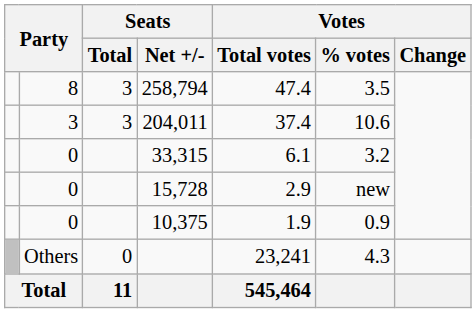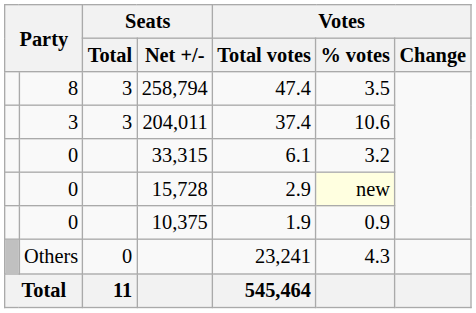 <table class="wikitable" style="text-align:right; font-size:95%;">
 <tr>
 <th colspan="2" rowspan="2">Party</th>
 <th colspan="2">Seats</th>
 <th colspan="3">Votes</th>
 </tr>
 <tr>
 <th>Total</th>
 <th>Net +/-</th>
 <th>Total votes</th>
 <th>% votes</th>
 <th>Change</th>
 </tr>
 <tr>
 <td></td>
 <td>8</td>
 <td>3</td>
 <td>258,794</td>
 <td>47.4</td>
 <td>3.5</td>
 </tr>
 <tr>
 <td></td>
 <td>3</td>
 <td>3</td>
 <td>204,011</td>
 <td>37.4</td>
 <td>10.6</td>
 </tr>
 <tr>
 <td></td>
 <td>0</td>
 <td></td>
 <td>33,315</td>
 <td>6.1</td>
 <td>3.2</td>
 </tr>
 <tr>
 <td></td>
 <td>0</td>
 <td></td>
 <td>15,728</td>
 <td>2.9</td>
-<td>new</td>
+<td style="background: lightyellow;">new</td>
 </tr>
 <tr>
 <td></td>
 <td>0</td>
 <td></td>
 <td>10,375</td>
 <td>1.9</td>
 <td>0.9</td>
 </tr>
 <tr>
 <td style="background:silver;"> </td>
 <td align=left>Others</td>
 <td>0</td>
 <td></td>
 <td>23,241</td>
 <td>4.3</td>
 <td></td>
 </tr>
 <tr>
 <th colspan="2" style="background:#f2f2f2">Total</th>
 <td style="background:#f2f2f2;"><strong>11</strong></td>
 <td style="background:#f2f2f2;"></td>
 <td style="background:#f2f2f2;"><strong>545,464</strong></td>
 <td style="background:#f2f2f2;"></td>
 <td style="background:#f2f2f2;"></td>
 </tr>
 </table>
